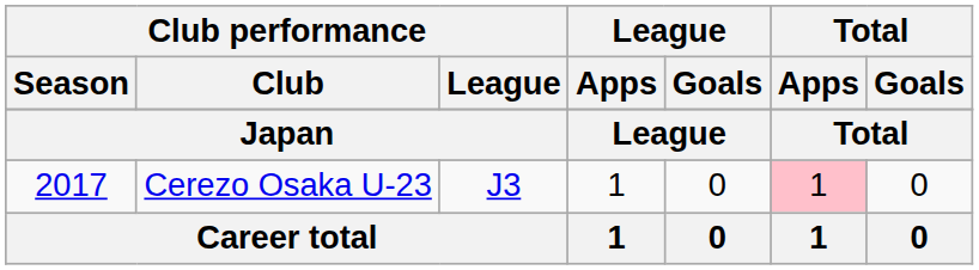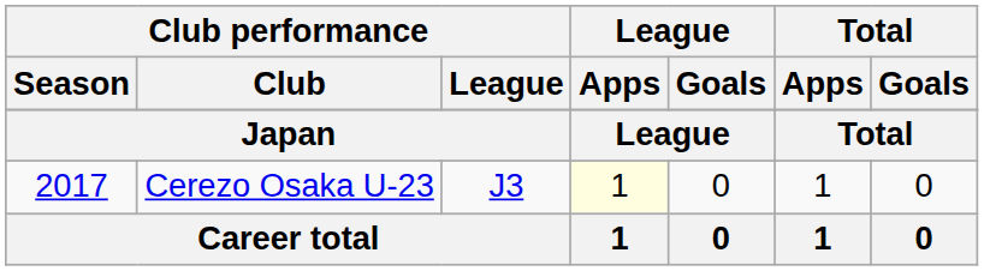 <table class="wikitable" style="text-align:center">
 <tr>
 <th colspan=3>Club performance</th>
 <th colspan=2>League</th>
 <th colspan=2>Total</th>
 </tr>
 <tr>
 <th>Season</th>
 <th>Club</th>
 <th>League</th>
 <th>Apps</th>
 <th>Goals</th>
 <th>Apps</th>
 <th>Goals</th>
 </tr>
 <tr>
 </tr>
 <tr>
 <th colspan=3>Japan</th>
 <th colspan=2>League</th>
 <th colspan=2>Total</th>
 </tr>
 <tr>
 <td><a href='#'>2017</a></td>
 <td rowspan=1><a href='#'>Cerezo Osaka U-23</a></td>
 <td rowspan=1><a href='#'>J3</a></td>
+<td style="background: lightyellow;">1</td>
+<td>0</td>
 <td>1</td>
-<td>0</td>
-<td style="background: pink;">1</td>
 <td>0</td>
 </tr>
 <tr>
 <th colspan=3>Career total</th>
 <th>1</th>
 <th>0</th>
 <th>1</th>
 <th>0</th>
 </tr>
 </table>
